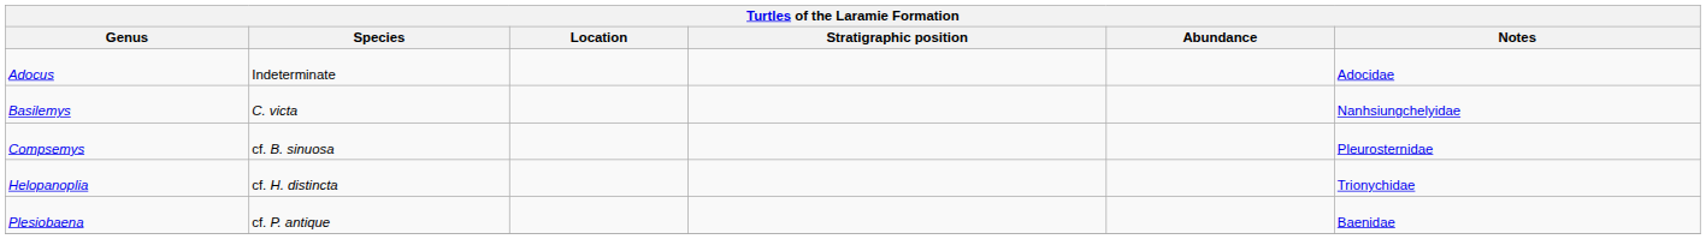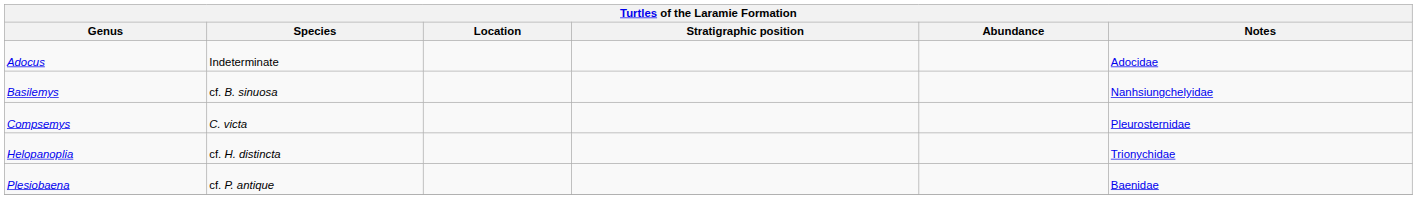 <table class="wikitable" align="center" width="100%">
 <tr>
 <th colspan="7" align="center"><strong><a href='#'>Turtles</a> of the Laramie Formation</strong></th>
 </tr>
 <tr>
 <th>Genus</th>
 <th>Species</th>
 <th>Location</th>
 <th>Stratigraphic position</th>
 <th>Abundance</th>
 <th>Notes<br></th>
 </tr>
 <tr>
 <td><br><em><a href='#'>Adocus</a></em></td>
 <td><br>Indeterminate</td>
 <td></td>
 <td></td>
 <td></td>
 <td><br><a href='#'>Adocidae</a> </td>
 </tr>
 <tr>
 <td><br><em><a href='#'>Basilemys</a></em></td>
-<td><br><em>C. victa</em></td>
+<td><br>cf. <em>B. sinuosa</em></td>
 <td></td>
 <td></td>
 <td></td>
 <td><br><a href='#'>Nanhsiungchelyidae</a></td>
 </tr>
 <tr>
 <td><br><em><a href='#'>Compsemys</a></em></td>
-<td><br>cf. <em>B. sinuosa</em></td>
+<td><br><em>C. victa</em></td>
 <td></td>
 <td></td>
 <td></td>
 <td><br><a href='#'>Pleurosternidae</a></td>
 </tr>
 <tr>
 <td><br><em><a href='#'>Helopanoplia</a></em></td>
 <td><br>cf. <em>H. distincta</em></td>
 <td></td>
 <td></td>
 <td></td>
 <td><br><a href='#'>Trionychidae</a></td>
 </tr>
 <tr>
 <td><br><em><a href='#'>Plesiobaena</a></em></td>
 <td><br>cf. <em>P. antique</em></td>
 <td></td>
 <td></td>
 <td></td>
 <td><br><a href='#'>Baenidae</a></td>
 </tr>
 <tr>
 </tr>
 </table>
